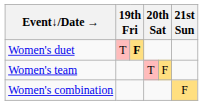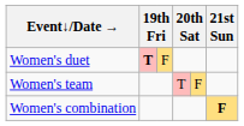 <table class="wikitable" style="margin:0.5em auto; font-size:90%; line-height:1.25em; text-align:center;">
 <tr>
 <th>Event↓/Date →</th>
 <th colspan=2>19th<br>Fri</th>
 <th colspan=2>20th<br>Sat</th>
 <th>21st<br>Sun</th>
 </tr>
 <tr>
 <td align="left"><a href='#'>Women's duet</a></td>
-<td bgcolor="#FFBBBB">T</td>
-<td bgcolor="#FFDF80"><strong>F</strong></td>
+<td bgcolor="#FFBBBB"><strong>T</strong></td>
+<td bgcolor="#FFDF80">F</td>
 <td colspan=2></td>
 <td></td>
 </tr>
 <tr>
 <td align="left"><a href='#'>Women's team</a></td>
 <td colspan=2></td>
 <td bgcolor="#FFBBBB">T</td>
 <td bgcolor="#FFDF80">F</td>
 <td></td>
 </tr>
 <tr>
 <td align="left"><a href='#'>Women's combination</a></td>
 <td colspan=2></td>
 <td colspan=2></td>
-<td bgcolor="#FFDF80">F</td>
+<td bgcolor="#FFDF80"><strong>F</strong></td>
 </tr>
 </table>
